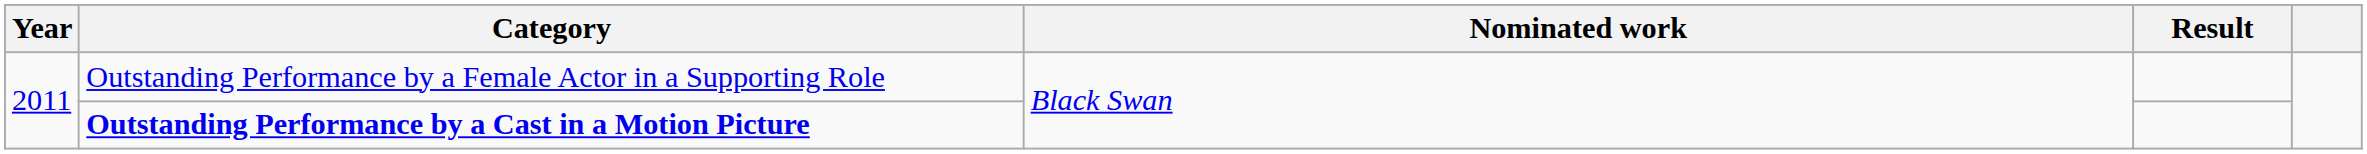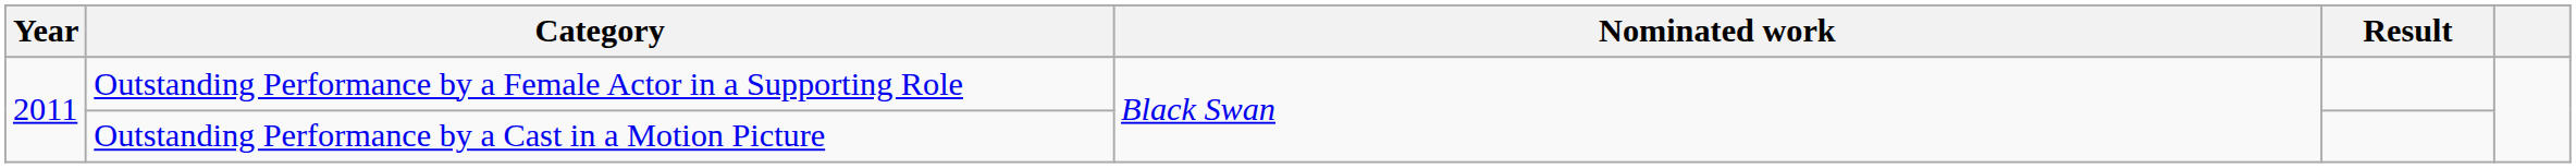 <table class="wikitable sortable">
 <tr>
 <th scope="col" style="width:1em;">Year</th>
 <th scope="col" style="width:33em;">Category</th>
 <th scope="col" style="width:39em;">Nominated work</th>
 <th scope="col" style="width:5em;">Result</th>
 <th scope="col" style="width:2em;" class="unsortable"></th>
 </tr>
 <tr>
 <td rowspan="2"><a href='#'>2011</a></td>
 <td><a href='#'>Outstanding Performance by a Female Actor in a Supporting Role</a></td>
 <td rowspan="2"><em><a href='#'>Black Swan</a></em></td>
 <td></td>
 <td style="text-align:center;" rowspan="2"></td>
 </tr>
 <tr>
-<td><strong><a href='#'>Outstanding Performance by a Cast in a Motion Picture</a></strong></td>
+<td><a href='#'>Outstanding Performance by a Cast in a Motion Picture</a></td>
 <td></td>
 </tr>
 </table>
